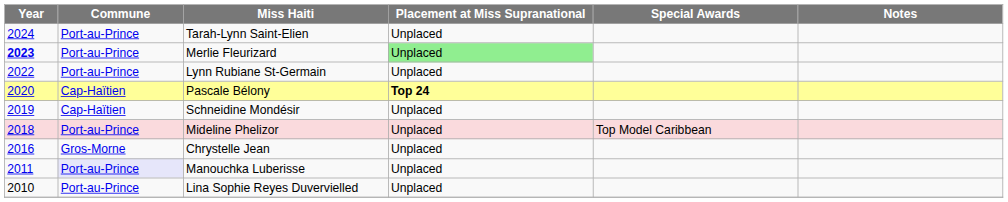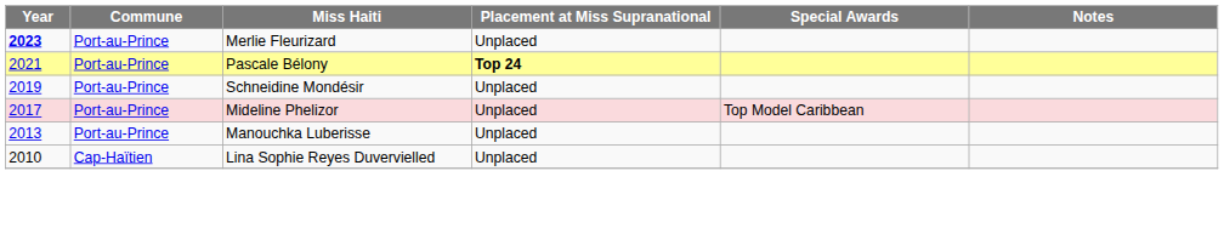 <table class="wikitable " style="font-size: 95%;">
 <tr>
 <th width="60" style="background-color:#787878;color:#FFFFFF;">Year</th>
 <th width="150" style="background-color:#787878;color:#FFFFFF;">Commune</th>
 <th width="250" style="background-color:#787878;color:#FFFFFF;">Miss Haiti</th>
 <th width="250" style="background-color:#787878;color:#FFFFFF;">Placement at Miss Supranational</th>
 <th width="250" style="background-color:#787878;color:#FFFFFF;">Special Awards</th>
 <th width="250" style="background-color:#787878;color:#FFFFFF;">Notes</th>
 </tr>
 <tr>
-<td><a href='#'>2024</a></td>
-<td><a href='#'>Port-au-Prince</a></td>
-<td>Tarah-Lynn Saint-Elien</td>
-<td>Unplaced</td>
-<td></td>
-<td></td>
-</tr>
-<tr>
 <td><strong><a href='#'>2023</a></strong></td>
 <td><a href='#'>Port-au-Prince</a></td>
 <td>Merlie Fleurizard</td>
-<td style="background: lightgreen;">Unplaced</td>
-<td></td>
-<td></td>
-</tr>
-<tr>
-<td><a href='#'>2022</a></td>
-<td><a href='#'>Port-au-Prince</a></td>
-<td>Lynn Rubiane St-Germain</td>
 <td>Unplaced</td>
 <td></td>
 <td></td>
 </tr>
 <tr style="background-color:#FFFF99">
-<td><a href='#'>2020</a></td>
-<td><a href='#'>Cap-Haïtien</a></td>
+<td><a href='#'>2021</a></td>
+<td><a href='#'>Port-au-Prince</a></td>
 <td>Pascale Bélony</td>
 <td><strong>Top 24</strong></td>
 <td></td>
 <td></td>
 </tr>
 <tr>
 <td><a href='#'>2019</a></td>
-<td><a href='#'>Cap-Haïtien</a></td>
+<td><a href='#'>Port-au-Prince</a></td>
 <td>Schneidine Mondésir</td>
 <td>Unplaced</td>
 <td></td>
 <td></td>
 </tr>
 <tr style="background-color:#FADADD; ">
-<td><a href='#'>2018</a></td>
+<td><a href='#'>2017</a></td>
 <td><a href='#'>Port-au-Prince</a></td>
 <td>Mideline Phelizor</td>
 <td>Unplaced</td>
 <td>Top Model Caribbean</td>
 <td></td>
 </tr>
 <tr>
-<td><a href='#'>2016</a></td>
-<td><a href='#'>Gros-Morne</a></td>
-<td>Chrystelle Jean</td>
-<td>Unplaced</td>
-<td></td>
-<td></td>
-</tr>
-<tr>
-<td><a href='#'>2011</a></td>
-<td style="background: lavender;"><a href='#'>Port-au-Prince</a></td>
+<td><a href='#'>2013</a></td>
+<td><a href='#'>Port-au-Prince</a></td>
 <td>Manouchka Luberisse</td>
 <td>Unplaced</td>
 <td></td>
 <td></td>
 </tr>
 <tr>
 <td>2010</td>
-<td><a href='#'>Port-au-Prince</a></td>
+<td><a href='#'>Cap-Haïtien</a></td>
 <td>Lina Sophie Reyes Duvervielled</td>
 <td>Unplaced</td>
 <td></td>
 <td></td>
 </tr>
 <tr>
 </tr>
 </table>
